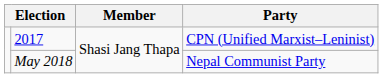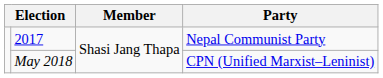 <table class="wikitable">
 <tr>
 <th colspan="2">Election</th>
 <th>Member</th>
 <th>Party</th>
 </tr>
 <tr>
 <td rowspan="2" style="background-color:"></td>
 <td><a href='#'>2017</a></td>
 <td rowspan="2">Shasi Jang Thapa</td>
-<td><a href='#'>CPN (Unified Marxist–Leninist)</a></td>
+<td><a href='#'>Nepal Communist Party</a></td>
 </tr>
 <tr>
 <td><em>May 2018</em></td>
-<td><a href='#'>Nepal Communist Party</a></td>
+<td><a href='#'>CPN (Unified Marxist–Leninist)</a></td>
 </tr>
 </table>
